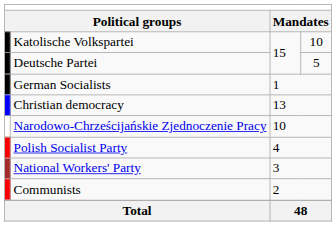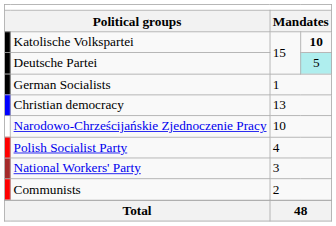 <table class="wikitable">
 <tr>
 <th colspan="4" style="background:white"></th>
 </tr>
 <tr>
 <th colspan="2">Political groups</th>
 <th colspan="2">Mandates</th>
 </tr>
 <tr>
 <td style="background:black"></td>
 <td>Katolische Volkspartei</td>
 <td rowspan="2">15</td>
-<td align="center">10</td>
+<td align="center"><strong>10</strong></td>
 </tr>
 <tr>
 <td style="background:black"></td>
 <td>Deutsche Partei</td>
-<td align="center">5</td>
+<td align="center" style="background: paleturquoise;">5</td>
 </tr>
 <tr>
 <td style="background:black"></td>
 <td>German Socialists</td>
 <td colspan="2">1</td>
 </tr>
 <tr>
 <td style="background:blue"></td>
 <td>Christian democracy</td>
 <td colspan="2">13</td>
 </tr>
 <tr>
 <td style="background:white"></td>
 <td><a href='#'>Narodowo-Chrześcijańskie Zjednoczenie Pracy</a></td>
 <td colspan="2">10</td>
 </tr>
 <tr>
 <td style="background:red"></td>
 <td><a href='#'>Polish Socialist Party</a></td>
 <td colspan="2">4</td>
 </tr>
 <tr>
 <td style="background:brown"></td>
 <td><a href='#'>National Workers' Party</a></td>
 <td colspan="2">3</td>
 </tr>
 <tr>
 <td style="background:red"></td>
 <td>Communists</td>
 <td colspan="2">2</td>
 </tr>
 <tr>
 </tr>
 <tr bgcolor="#ececec">
 <th colspan="2">Total</th>
 <th colspan="2">48</th>
 </tr>
 </table>
